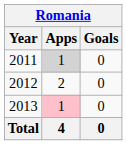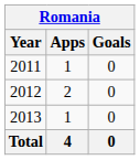 <table class="wikitable" style="text-align:center">
 <tr>
 <th colspan=3><a href='#'>Romania</a></th>
 </tr>
 <tr>
 <th>Year</th>
 <th>Apps</th>
 <th>Goals</th>
 </tr>
 <tr>
 <td>2011</td>
-<td style="background: lightgrey;">1</td>
+<td>1</td>
 <td>0</td>
 </tr>
 <tr>
 <td>2012</td>
 <td>2</td>
 <td>0</td>
 </tr>
 <tr>
 <td>2013</td>
-<td style="background: pink;">1</td>
+<td>1</td>
 <td>0</td>
 </tr>
 <tr>
 <th>Total</th>
 <th>4</th>
 <th>0</th>
 </tr>
 </table>
